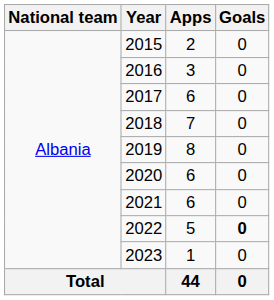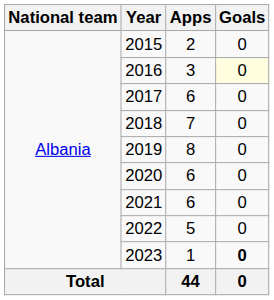 <table class="wikitable" style="text-align:center">
 <tr>
 <th>National team</th>
 <th>Year</th>
 <th>Apps</th>
 <th>Goals</th>
 </tr>
 <tr>
 <td rowspan="9"><a href='#'>Albania</a></td>
 <td>2015</td>
 <td>2</td>
 <td>0</td>
 </tr>
 <tr>
 <td>2016</td>
 <td>3</td>
-<td>0</td>
+<td style="background: lightyellow;">0</td>
 </tr>
 <tr>
 <td>2017</td>
 <td>6</td>
 <td>0</td>
 </tr>
 <tr>
 <td>2018</td>
 <td>7</td>
 <td>0</td>
 </tr>
 <tr>
 <td>2019</td>
 <td>8</td>
 <td>0</td>
 </tr>
 <tr>
 <td>2020</td>
 <td>6</td>
 <td>0</td>
 </tr>
 <tr>
 <td>2021</td>
 <td>6</td>
 <td>0</td>
 </tr>
 <tr>
 <td>2022</td>
 <td>5</td>
-<td><strong>0</strong></td>
+<td>0</td>
 </tr>
 <tr>
 <td>2023</td>
 <td>1</td>
-<td>0</td>
+<td><strong>0</strong></td>
 </tr>
 <tr>
 <th colspan="2">Total</th>
 <th>44</th>
 <th>0</th>
 </tr>
 </table>
